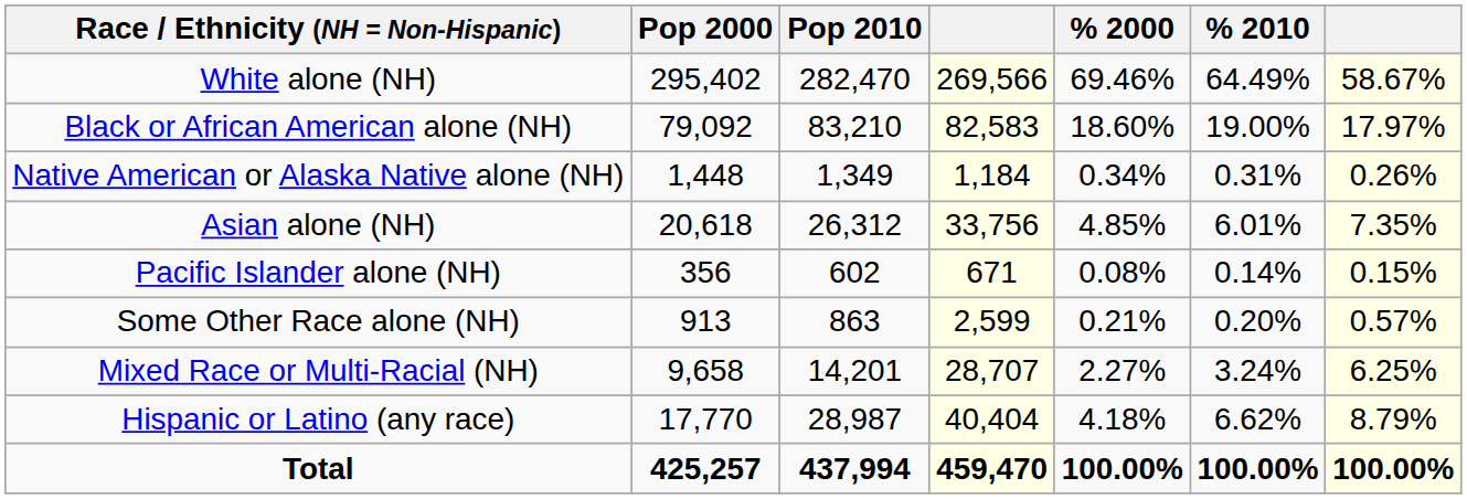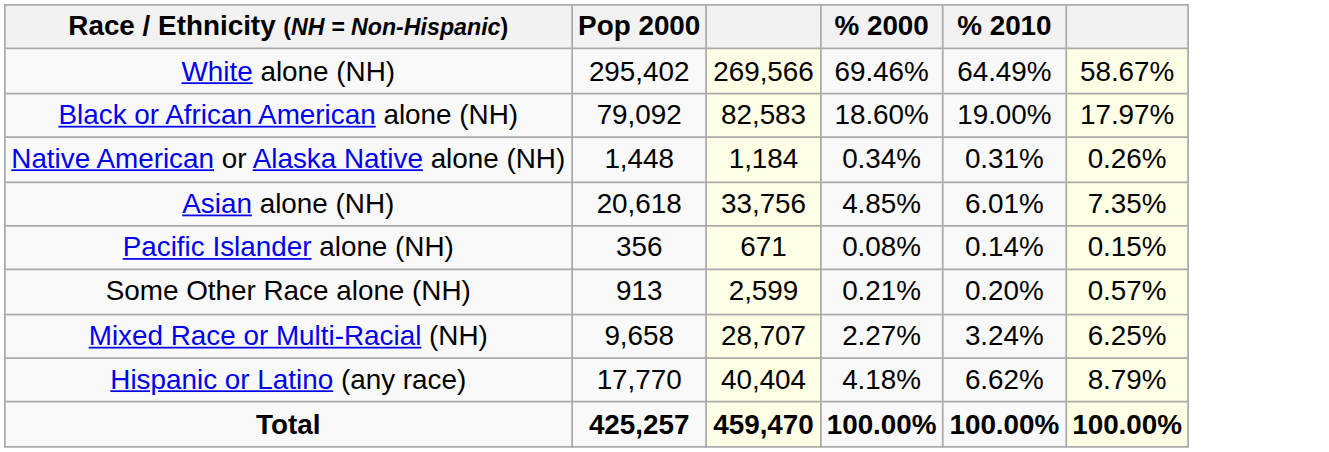 <table class="wikitable" style="text-align:center;">
 <tr>
 <th>Race / Ethnicity <small>(<em>NH = Non-Hispanic</em>)</small></th>
 <th>Pop 2000</th>
-<th>Pop 2010</th>
 <th></th>
 <th>% 2000</th>
 <th>% 2010</th>
 <th></th>
 </tr>
 <tr>
 <td><a href='#'>White</a> alone (NH)</td>
 <td>295,402</td>
-<td>282,470</td>
 <td style='background: #ffffe6;'>269,566</td>
 <td>69.46%</td>
 <td>64.49%</td>
 <td style='background: #ffffe6;'>58.67%</td>
 </tr>
 <tr>
 <td><a href='#'>Black or African American</a> alone (NH)</td>
 <td>79,092</td>
-<td>83,210</td>
 <td style='background: #ffffe6;'>82,583</td>
 <td>18.60%</td>
 <td>19.00%</td>
 <td style='background: #ffffe6;'>17.97%</td>
 </tr>
 <tr>
 <td><a href='#'>Native American</a> or <a href='#'>Alaska Native</a> alone (NH)</td>
 <td>1,448</td>
-<td>1,349</td>
 <td style='background: #ffffe6;'>1,184</td>
 <td>0.34%</td>
 <td>0.31%</td>
 <td style='background: #ffffe6;'>0.26%</td>
 </tr>
 <tr>
 <td><a href='#'>Asian</a> alone (NH)</td>
 <td>20,618</td>
-<td>26,312</td>
 <td style='background: #ffffe6;'>33,756</td>
 <td>4.85%</td>
 <td>6.01%</td>
 <td style='background: #ffffe6;'>7.35%</td>
 </tr>
 <tr>
 <td><a href='#'>Pacific Islander</a> alone (NH)</td>
 <td>356</td>
-<td>602</td>
 <td style='background: #ffffe6;'>671</td>
 <td>0.08%</td>
 <td>0.14%</td>
 <td style='background: #ffffe6;'>0.15%</td>
 </tr>
 <tr>
 <td>Some Other Race alone (NH)</td>
 <td>913</td>
-<td>863</td>
 <td style='background: #ffffe6;'>2,599</td>
 <td>0.21%</td>
 <td>0.20%</td>
 <td style='background: #ffffe6;'>0.57%</td>
 </tr>
 <tr>
 <td><a href='#'>Mixed Race or Multi-Racial</a> (NH)</td>
 <td>9,658</td>
-<td>14,201</td>
 <td style='background: #ffffe6;'>28,707</td>
 <td>2.27%</td>
 <td>3.24%</td>
 <td style='background: #ffffe6;'>6.25%</td>
 </tr>
 <tr>
 <td><a href='#'>Hispanic or Latino</a> (any race)</td>
 <td>17,770</td>
-<td>28,987</td>
 <td style='background: #ffffe6;'>40,404</td>
 <td>4.18%</td>
 <td>6.62%</td>
 <td style='background: #ffffe6;'>8.79%</td>
 </tr>
 <tr>
 <td><strong>Total</strong></td>
 <td><strong>425,257</strong></td>
-<td><strong>437,994</strong></td>
 <td style='background: #ffffe6;'><strong>459,470</strong></td>
 <td><strong>100.00%</strong></td>
 <td><strong>100.00%</strong></td>
 <td style='background: #ffffe6;'><strong>100.00%</strong></td>
 </tr>
 </table>
